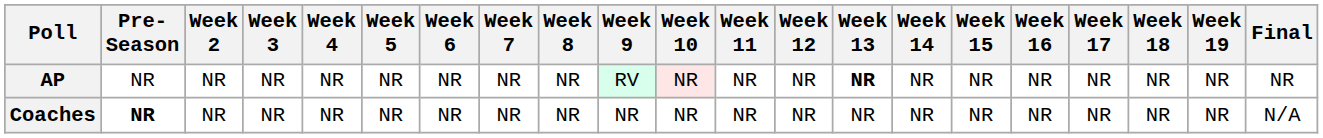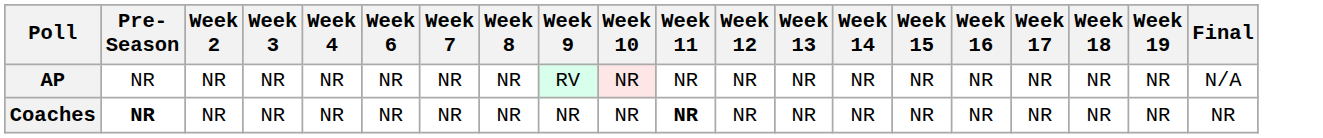 <table class="wikitable" style="white-space:nowrap;font-size:90%">
 <tr>
 <th>Poll</th>
 <th>Pre-<br>Season</th>
 <th>Week<br>2</th>
 <th>Week<br>3</th>
 <th>Week<br>4</th>
-<th>Week<br>5</th>
 <th>Week<br>6</th>
 <th>Week<br>7</th>
 <th>Week<br>8</th>
 <th>Week<br>9</th>
 <th>Week<br>10</th>
 <th>Week<br>11</th>
 <th>Week<br>12</th>
 <th>Week<br>13</th>
 <th>Week<br>14</th>
 <th>Week<br>15</th>
 <th>Week<br>16</th>
 <th>Week<br>17</th>
 <th>Week<br>18</th>
 <th>Week<br>19</th>
 <th>Final</th>
 </tr>
 <tr style="text-align:center;">
 <th>AP</th>
 <td style="background:#FFF;">NR</td>
 <td style="background:#FFF;">NR</td>
 <td style="background:#FFF;">NR</td>
 <td style="background:#FFF;">NR</td>
 <td style="background:#FFF;">NR</td>
 <td style="background:#FFF;">NR</td>
 <td style="background:#FFF;">NR</td>
-<td style="background:#FFF;">NR</td>
 <td style="background:#D8FFEB;">RV</td>
 <td style="background:#FFE6E6;">NR</td>
-<td style="background:#FFF;">NR</td>
-<td style="background:#FFF;">NR</td>
-<td style="background:#FFF;"><strong>NR</strong></td>
 <td style="background:#FFF;">NR</td>
 <td style="background:#FFF;">NR</td>
 <td style="background:#FFF;">NR</td>
 <td style="background:#FFF;">NR</td>
 <td style="background:#FFF;">NR</td>
 <td style="background:#FFF;">NR</td>
 <td style="background:#FFF;">NR</td>
+<td style="background:#FFF;">NR</td>
+<td style="background:#FFF;">NR</td>
+<td style="background:#FFF;">N/A</td>
 </tr>
 <tr style="text-align:center;">
 <th>Coaches</th>
 <td style="background:#FFF;"><strong>NR</strong></td>
 <td style="background:#FFF;">NR</td>
 <td style="background:#FFF;">NR</td>
 <td style="background:#FFF;">NR</td>
 <td style="background:#FFF;">NR</td>
 <td style="background:#FFF;">NR</td>
 <td style="background:#FFF;">NR</td>
 <td style="background:#FFF;">NR</td>
 <td style="background:#FFF;">NR</td>
+<td style="background:#FFF;"><strong>NR</strong></td>
 <td style="background:#FFF;">NR</td>
 <td style="background:#FFF;">NR</td>
 <td style="background:#FFF;">NR</td>
 <td style="background:#FFF;">NR</td>
 <td style="background:#FFF;">NR</td>
 <td style="background:#FFF;">NR</td>
 <td style="background:#FFF;">NR</td>
 <td style="background:#FFF;">NR</td>
 <td style="background:#FFF;">NR</td>
-<td style="background:#FFF;">NR</td>
-<td style="background:#FFF;">N/A</td>
 </tr>
 </table>
